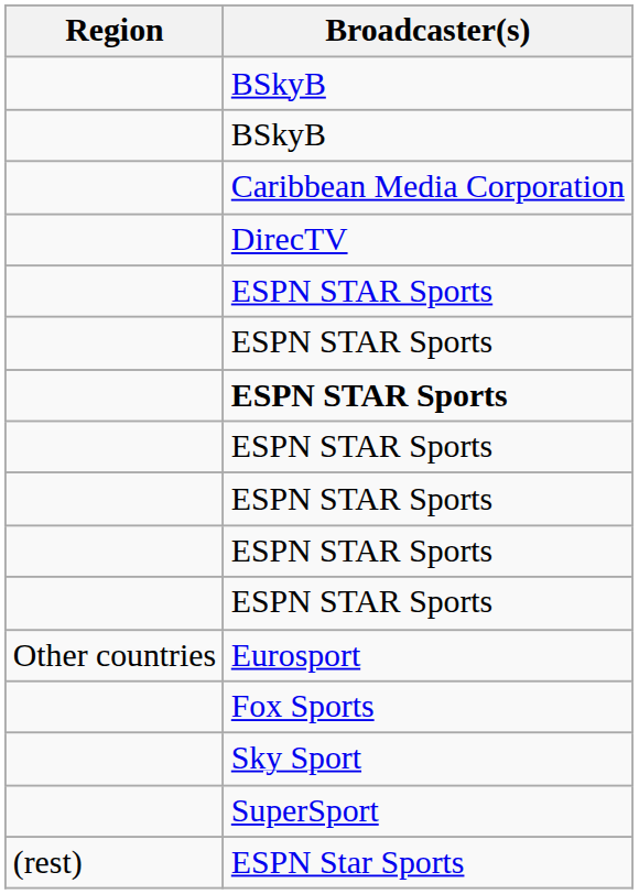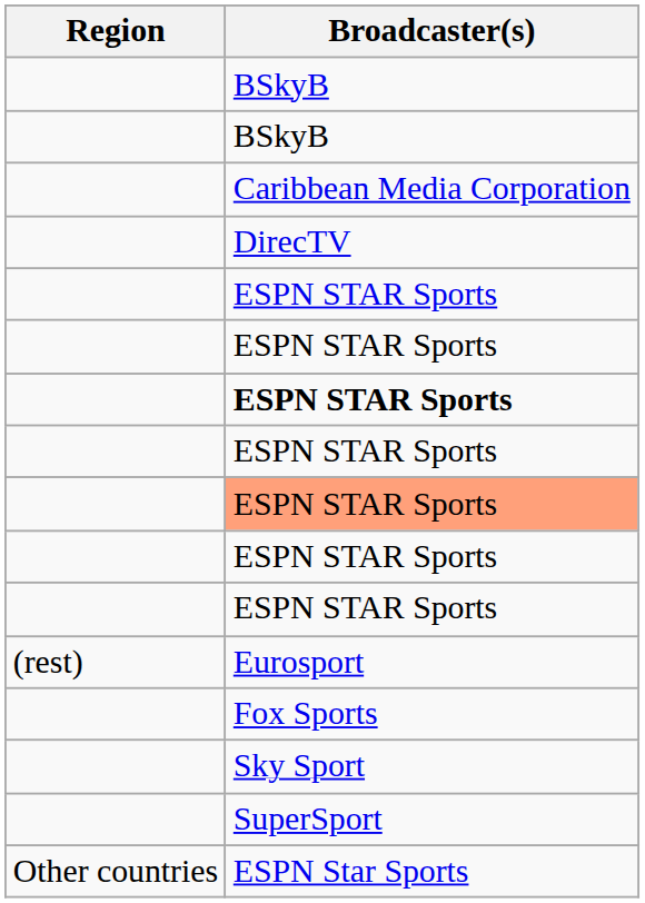 <table class="wikitable">
 <tr>
 <th>Region</th>
 <th>Broadcaster(s)</th>
 </tr>
 <tr>
 <td></td>
 <td><a href='#'>BSkyB</a></td>
 </tr>
 <tr>
 <td></td>
 <td>BSkyB</td>
 </tr>
 <tr>
 <td></td>
 <td><a href='#'>Caribbean Media Corporation</a></td>
 </tr>
 <tr>
 <td></td>
 <td><a href='#'>DirecTV</a></td>
 </tr>
 <tr>
 <td></td>
 <td><a href='#'>ESPN STAR Sports</a></td>
 </tr>
 <tr>
 <td></td>
 <td>ESPN STAR Sports</td>
 </tr>
 <tr>
 <td></td>
 <td><strong>ESPN STAR Sports</strong></td>
 </tr>
 <tr>
 <td></td>
 <td>ESPN STAR Sports</td>
 </tr>
 <tr>
 <td></td>
-<td>ESPN STAR Sports</td>
+<td style="background: lightsalmon;">ESPN STAR Sports</td>
 </tr>
 <tr>
 <td></td>
 <td>ESPN STAR Sports</td>
 </tr>
 <tr>
 <td></td>
 <td>ESPN STAR Sports</td>
 </tr>
 <tr>
-<td>Other countries</td>
+<td> (rest)</td>
 <td><a href='#'>Eurosport</a></td>
 </tr>
 <tr>
 <td></td>
 <td><a href='#'>Fox Sports</a></td>
 </tr>
 <tr>
 <td></td>
 <td><a href='#'>Sky Sport</a></td>
 </tr>
 <tr>
 <td></td>
 <td><a href='#'>SuperSport</a></td>
 </tr>
 <tr>
-<td> (rest)</td>
+<td>Other countries</td>
 <td><a href='#'>ESPN Star Sports</a></td>
 </tr>
 </table>
